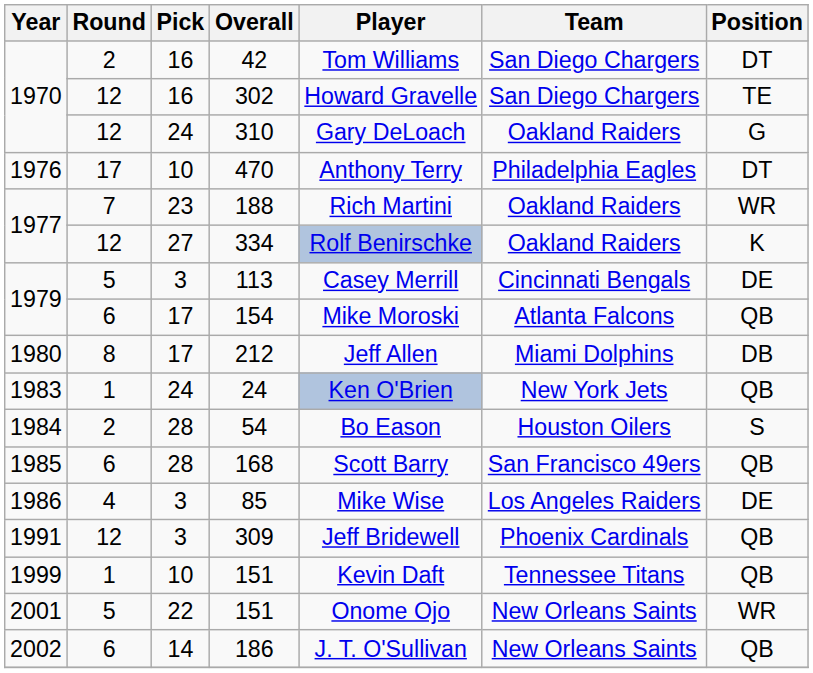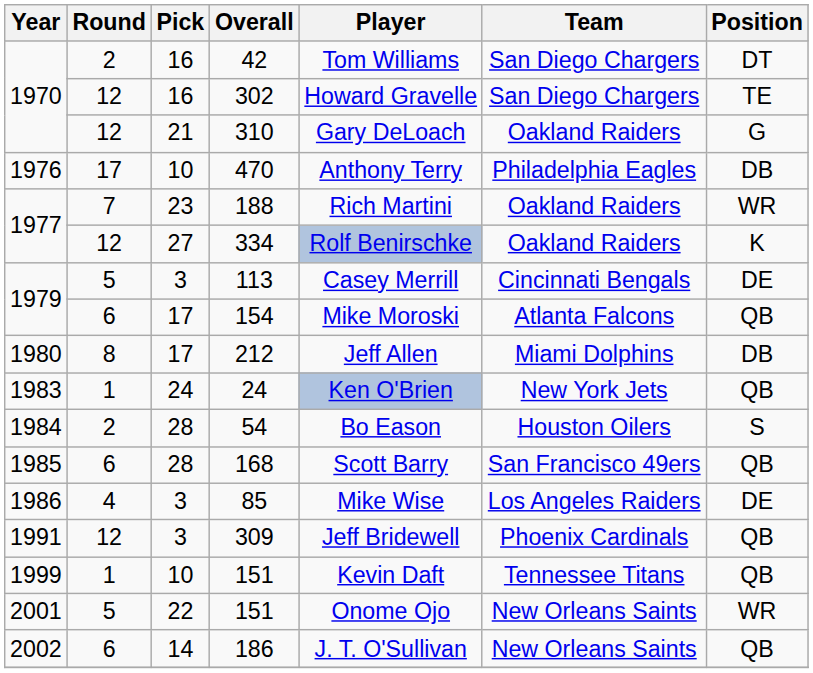 <table class="wikitable sortable" style="text-align: center;">
 <tr>
 <th>Year</th>
 <th>Round</th>
 <th>Pick</th>
 <th>Overall</th>
 <th>Player</th>
 <th>Team</th>
 <th>Position</th>
 </tr>
 <tr>
 <td rowspan="3">1970</td>
 <td>2</td>
 <td>16</td>
 <td>42</td>
 <td><a href='#'>Tom Williams</a></td>
 <td><a href='#'>San Diego Chargers</a></td>
 <td>DT</td>
 </tr>
 <tr>
 <td>12</td>
 <td>16</td>
 <td>302</td>
 <td><a href='#'>Howard Gravelle</a></td>
 <td><a href='#'>San Diego Chargers</a></td>
 <td>TE</td>
 </tr>
 <tr>
 <td>12</td>
-<td>24</td>
+<td>21</td>
 <td>310</td>
 <td><a href='#'>Gary DeLoach</a></td>
 <td><a href='#'>Oakland Raiders</a></td>
 <td>G</td>
 </tr>
 <tr>
 <td>1976</td>
 <td>17</td>
 <td>10</td>
 <td>470</td>
 <td><a href='#'>Anthony Terry</a></td>
 <td><a href='#'>Philadelphia Eagles</a></td>
-<td>DT</td>
+<td>DB</td>
 </tr>
 <tr>
 <td rowspan="2">1977</td>
 <td>7</td>
 <td>23</td>
 <td>188</td>
 <td><a href='#'>Rich Martini</a></td>
 <td><a href='#'>Oakland Raiders</a></td>
 <td>WR</td>
 </tr>
 <tr>
 <td>12</td>
 <td>27</td>
 <td>334</td>
 <td style="background-color:lightsteelblue"><a href='#'>Rolf Benirschke</a></td>
 <td><a href='#'>Oakland Raiders</a></td>
 <td>K</td>
 </tr>
 <tr>
 <td rowspan="2">1979</td>
 <td>5</td>
 <td>3</td>
 <td>113</td>
 <td><a href='#'>Casey Merrill</a></td>
 <td><a href='#'>Cincinnati Bengals</a></td>
 <td>DE</td>
 </tr>
 <tr>
 <td>6</td>
 <td>17</td>
 <td>154</td>
 <td><a href='#'>Mike Moroski</a></td>
 <td><a href='#'>Atlanta Falcons</a></td>
 <td>QB</td>
 </tr>
 <tr>
 <td>1980</td>
 <td>8</td>
 <td>17</td>
 <td>212</td>
 <td><a href='#'>Jeff Allen</a></td>
 <td><a href='#'>Miami Dolphins</a></td>
 <td>DB</td>
 </tr>
 <tr>
 <td>1983</td>
 <td>1</td>
 <td>24</td>
 <td>24</td>
 <td style="background-color:lightsteelblue"><a href='#'>Ken O'Brien</a></td>
 <td><a href='#'>New York Jets</a></td>
 <td>QB</td>
 </tr>
 <tr>
 <td>1984</td>
 <td>2</td>
 <td>28</td>
 <td>54</td>
 <td><a href='#'>Bo Eason</a></td>
 <td><a href='#'>Houston Oilers</a></td>
 <td>S</td>
 </tr>
 <tr>
 <td>1985</td>
 <td>6</td>
 <td>28</td>
 <td>168</td>
 <td><a href='#'>Scott Barry</a></td>
 <td><a href='#'>San Francisco 49ers</a></td>
 <td>QB</td>
 </tr>
 <tr>
 <td>1986</td>
 <td>4</td>
 <td>3</td>
 <td>85</td>
 <td><a href='#'>Mike Wise</a></td>
 <td><a href='#'>Los Angeles Raiders</a></td>
 <td>DE</td>
 </tr>
 <tr>
 <td>1991</td>
 <td>12</td>
 <td>3</td>
 <td>309</td>
 <td><a href='#'>Jeff Bridewell</a></td>
 <td><a href='#'>Phoenix Cardinals</a></td>
 <td>QB</td>
 </tr>
 <tr>
 <td>1999</td>
 <td>1</td>
 <td>10</td>
 <td>151</td>
 <td><a href='#'>Kevin Daft</a></td>
 <td><a href='#'>Tennessee Titans</a></td>
 <td>QB</td>
 </tr>
 <tr>
 <td>2001</td>
 <td>5</td>
 <td>22</td>
 <td>151</td>
 <td><a href='#'>Onome Ojo</a></td>
 <td><a href='#'>New Orleans Saints</a></td>
 <td>WR</td>
 </tr>
 <tr>
 <td>2002</td>
 <td>6</td>
 <td>14</td>
 <td>186</td>
 <td><a href='#'>J. T. O'Sullivan</a></td>
 <td><a href='#'>New Orleans Saints</a></td>
 <td>QB</td>
 </tr>
 <tr>
 </tr>
 </table>
